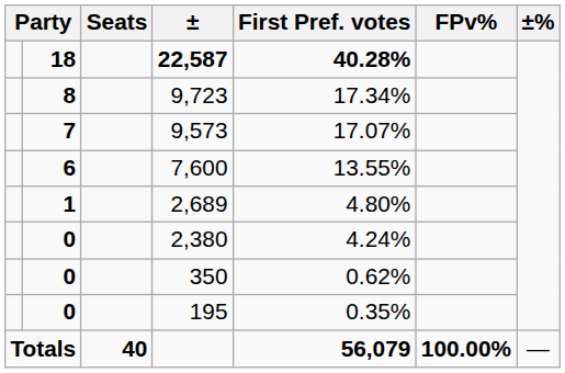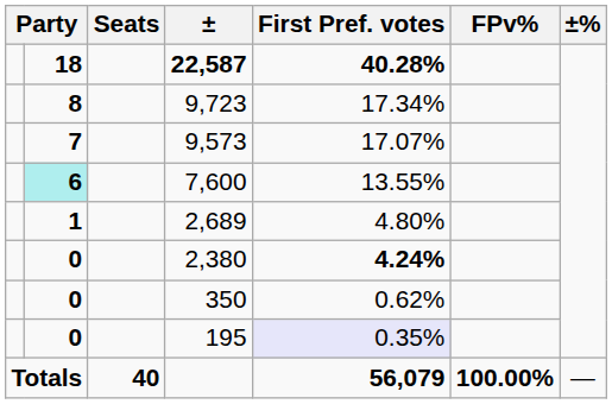 <table class=wikitable>
 <tr>
 <th colspan=2 align=center>Party</th>
 <th valign=top>Seats</th>
 <th valign=top>±</th>
 <th valign=top>First Pref. votes</th>
 <th valign=top>FPv%</th>
 <th valign=top>±%</th>
 </tr>
 <tr>
 <td></td>
 <td align=right><strong>18</strong></td>
 <td align=right></td>
 <td align=right><strong>22,587</strong></td>
 <td align=right><strong>40.28%</strong></td>
 <td align=right></td>
 </tr>
 <tr>
 <td></td>
 <td align=right><strong>8</strong></td>
 <td align=right></td>
 <td align=right>9,723</td>
 <td align=right>17.34%</td>
 <td align=right></td>
 </tr>
 <tr>
 <td></td>
 <td align=right><strong>7</strong></td>
 <td align=right></td>
 <td align=right>9,573</td>
 <td align=right>17.07%</td>
 <td align=right></td>
 </tr>
 <tr>
 <td></td>
-<td align=right><strong>6</strong></td>
+<td align=right style="background: paleturquoise;"><strong>6</strong></td>
 <td align=right></td>
 <td align=right>7,600</td>
 <td align=right>13.55%</td>
 <td align=right></td>
 </tr>
 <tr>
 <td></td>
 <td align=right><strong>1</strong></td>
 <td align=right></td>
 <td align=right>2,689</td>
 <td align=right>4.80%</td>
 <td align=right></td>
 </tr>
 <tr>
 <td></td>
 <td align=right><strong>0</strong></td>
 <td align=right></td>
 <td align=right>2,380</td>
-<td align=right>4.24%</td>
+<td align=right><strong>4.24%</strong></td>
 <td align=right></td>
 </tr>
 <tr>
 <td></td>
 <td align=right><strong>0</strong></td>
 <td align=right></td>
 <td align=right>350</td>
 <td align=right>0.62%</td>
 <td align=right></td>
 </tr>
 <tr>
 <td></td>
 <td align=right><strong>0</strong></td>
 <td align=right></td>
 <td align=right>195</td>
-<td align=right>0.35%</td>
+<td align=right style="background: lavender;">0.35%</td>
 <td align=right></td>
 </tr>
 <tr>
 <td colspan=2 align=center><strong>Totals</strong></td>
 <td align=right><strong>40</strong></td>
 <td align=center></td>
 <td align=right><strong>56,079</strong></td>
 <td align=center><strong>100.00%</strong></td>
 <td align=center>—</td>
 </tr>
 </table>
